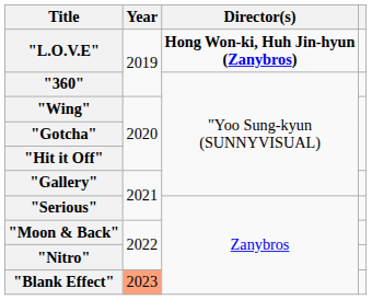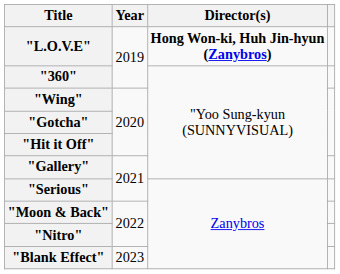 <table class="wikitable plainrowheaders" style="text-align:center">
 <tr>
 <th scope="col">Title</th>
 <th scope="col">Year</th>
 <th scope="col">Director(s)</th>
 <th scope="col"></th>
 </tr>
 <tr>
 <th scope="row">"L.O.V.E"</th>
 <td rowspan="2">2019</td>
 <td><strong>Hong Won-ki, Huh Jin-hyun<br>(<a href='#'>Zanybros</a>)</strong></td>
 <td></td>
 </tr>
 <tr>
 <th scope="row">"360"</th>
 <td rowspan="5">"Yoo Sung-kyun<br>(SUNNYVISUAL)</td>
 <td></td>
 </tr>
 <tr>
 <th scope="row">"Wing"</th>
 <td rowspan="3">2020</td>
 <td rowspan="3"></td>
 </tr>
 <tr>
 <th scope="row">"Gotcha"</th>
 </tr>
 <tr>
 <th scope="row">"Hit it Off"<br></th>
 </tr>
 <tr>
 <th scope="row">"Gallery"</th>
 <td rowspan="2">2021</td>
 <td></td>
 </tr>
 <tr>
 <th scope="row">"Serious"</th>
 <td rowspan="4"><a href='#'>Zanybros</a></td>
 <td></td>
 </tr>
 <tr>
 <th scope="row">"Moon & Back"</th>
 <td rowspan="2">2022</td>
 <td></td>
 </tr>
 <tr>
 <th scope="row">"Nitro"</th>
 <td></td>
 </tr>
 <tr>
 <th scope="row">"Blank Effect"</th>
-<td style="background: lightsalmon;">2023</td>
+<td>2023</td>
 <td></td>
 </tr>
 </table>
